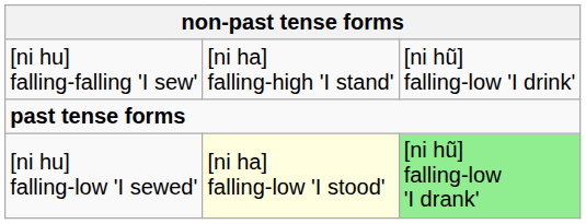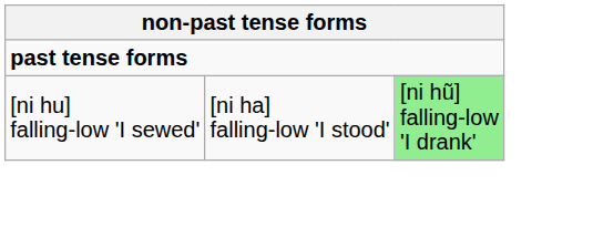 <table class="wikitable">
 <tr>
 <th colspan="3">non-past tense forms</th>
-</tr>
-<tr>
-<td>[ni hu]<br>falling-falling 'I sew'</td>
-<td>[ni ha]<br>falling-high 'I stand'</td>
-<td>[ni hũ]<br>falling-low 'I drink'</td>
 </tr>
 <tr>
 <td colspan="3"><strong>past tense forms</strong></td>
 </tr>
 <tr>
 <td>[ni hu]<br>falling-low 'I sewed'</td>
-<td style="background: lightyellow;">[ni ha]<br>falling-low 'I stood'</td>
+<td>[ni ha]<br>falling-low 'I stood'</td>
 <td style="background: lightgreen;">[ni hũ]<br>falling-low<br>'I drank'</td>
 </tr>
 </table>
